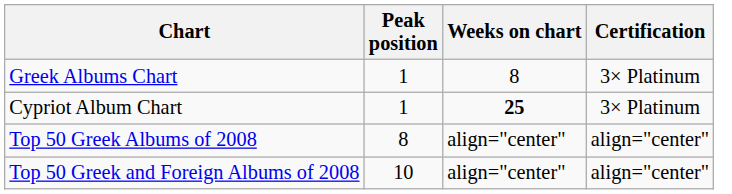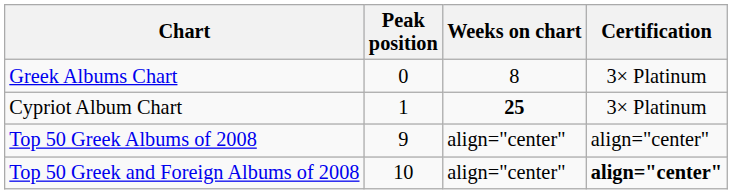 <table class="wikitable">
 <tr style="background:#ebf5ff;">
 <th align="left">Chart</th>
 <th align="left">Peak<br>position</th>
 <th align="left">Weeks on chart</th>
 <th align="left">Certification</th>
 </tr>
 <tr>
 <td align="left"><a href='#'>Greek Albums Chart</a></td>
-<td style="text-align:center;">1</td>
+<td style="text-align:center;">0</td>
 <td style="text-align:center;">8</td>
 <td style="text-align:center;">3× Platinum</td>
 </tr>
 <tr>
 <td align="left">Cypriot Album Chart</td>
 <td style="text-align:center;">1</td>
 <td style="text-align:center;"><strong>25</strong></td>
 <td style="text-align:center;">3× Platinum</td>
 </tr>
 <tr>
 <td align="left"><a href='#'>Top 50 Greek Albums of 2008</a></td>
-<td style="text-align:center;">8</td>
+<td style="text-align:center;">9</td>
 <td>align="center" </td>
 <td>align="center" </td>
 </tr>
 <tr>
 <td align="left"><a href='#'>Top 50 Greek and Foreign Albums of 2008</a></td>
 <td style="text-align:center;">10</td>
 <td>align="center" </td>
-<td>align="center" </td>
+<td><strong>align="center" </strong></td>
 </tr>
 </table>
